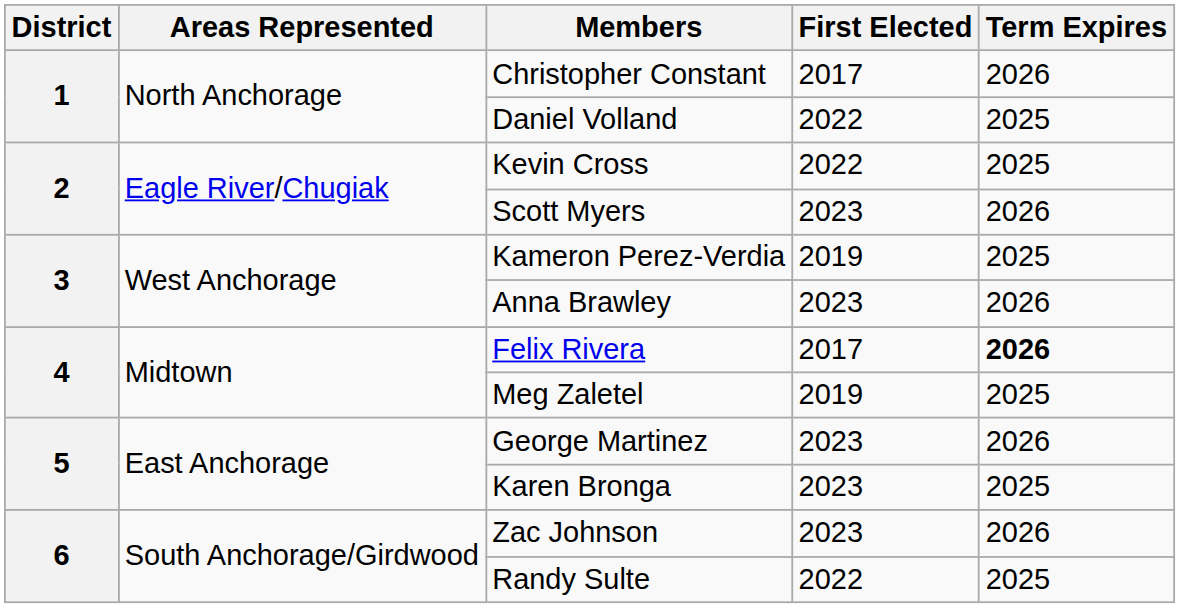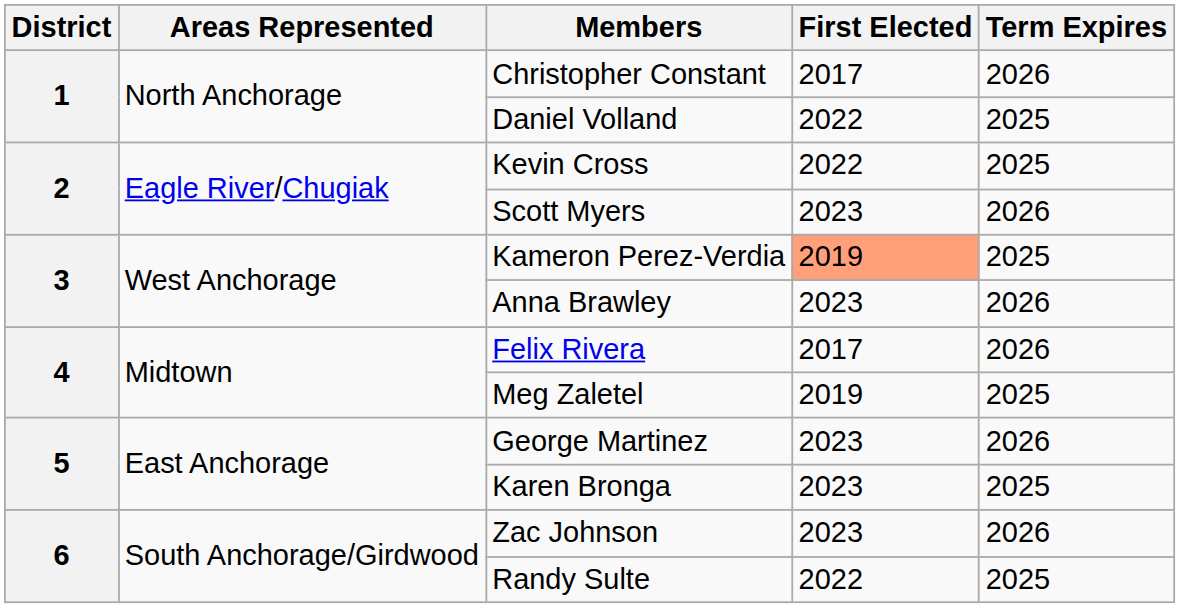 <table class="wikitable">
 <tr>
 <th>District</th>
 <th>Areas Represented</th>
 <th>Members</th>
 <th>First Elected</th>
 <th>Term Expires</th>
 </tr>
 <tr>
 <th rowspan=2>1</th>
 <td rowspan=2>North Anchorage</td>
 <td>Christopher Constant</td>
 <td>2017</td>
 <td>2026</td>
 </tr>
 <tr>
 <td>Daniel Volland</td>
 <td>2022</td>
 <td>2025</td>
 </tr>
 <tr>
 <th rowspan=2>2</th>
 <td rowspan=2><a href='#'>Eagle River</a>/<a href='#'>Chugiak</a></td>
 <td>Kevin Cross</td>
 <td>2022</td>
 <td>2025</td>
 </tr>
 <tr>
 <td>Scott Myers</td>
 <td>2023</td>
 <td>2026</td>
 </tr>
 <tr>
 <th rowspan=2>3</th>
 <td rowspan=2>West Anchorage</td>
 <td>Kameron Perez-Verdia</td>
-<td>2019</td>
+<td style="background: lightsalmon;">2019</td>
 <td>2025</td>
 </tr>
 <tr>
 <td>Anna Brawley</td>
 <td>2023</td>
 <td>2026</td>
 </tr>
 <tr>
 <th rowspan=2>4</th>
 <td rowspan=2>Midtown</td>
 <td><a href='#'>Felix Rivera</a></td>
 <td>2017</td>
-<td><strong>2026</strong></td>
+<td>2026</td>
 </tr>
 <tr>
 <td>Meg Zaletel</td>
 <td>2019</td>
 <td>2025</td>
 </tr>
 <tr>
 <th rowspan=2>5</th>
 <td rowspan=2>East Anchorage</td>
 <td>George Martinez</td>
 <td>2023</td>
 <td>2026</td>
 </tr>
 <tr>
 <td>Karen Bronga</td>
 <td>2023</td>
 <td>2025</td>
 </tr>
 <tr>
 <th rowspan=2>6</th>
 <td rowspan=2>South Anchorage/Girdwood</td>
 <td>Zac Johnson</td>
 <td>2023</td>
 <td>2026</td>
 </tr>
 <tr>
 <td>Randy Sulte</td>
 <td>2022</td>
 <td>2025</td>
 </tr>
 </table>
